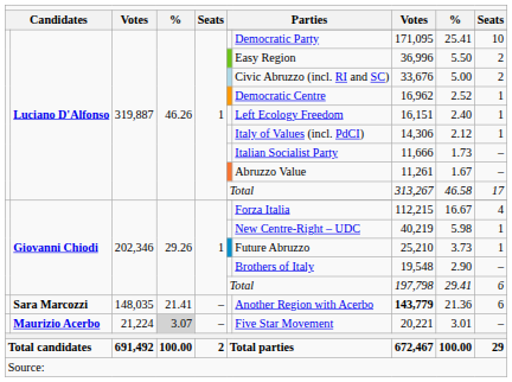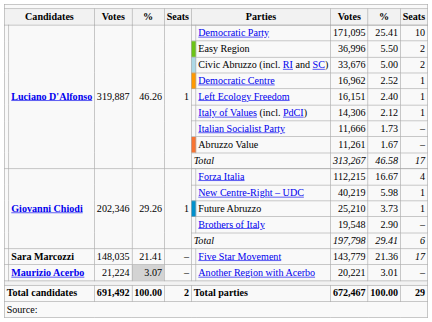 <table class="wikitable">
 <tr>
 <td colspan=10></td>
 </tr>
 <tr>
 <th colspan=2>Candidates</th>
 <th>Votes</th>
 <th>%</th>
 <th>Seats</th>
 <th colspan=2>Parties</th>
 <th>Votes</th>
 <th>%</th>
 <th>Seats</th>
 </tr>
 <tr>
 <td rowspan=10></td>
 <td rowspan=10><strong><a href='#'>Luciano D'Alfonso</a></strong></td>
 <td rowspan=10 align=right>319,887</td>
 <td rowspan=10 align=right>46.26</td>
 <td rowspan=10 align=right>1</td>
 </tr>
 <tr>
 <td></td>
 <td><a href='#'>Democratic Party</a></td>
 <td align=right>171,095</td>
 <td align=right>25.41</td>
 <td align=right>10</td>
 </tr>
 <tr>
 <td bgcolor="#6CC417"></td>
 <td>Easy Region</td>
 <td align=right>36,996</td>
 <td align=right>5.50</td>
 <td align=right>2</td>
 </tr>
 <tr>
 <td bgcolor="lightblue"></td>
 <td>Civic Abruzzo (incl. <a href='#'>RI</a> and <a href='#'>SC</a>)</td>
 <td align=right>33,676</td>
 <td align=right>5.00</td>
 <td align=right>2</td>
 </tr>
 <tr>
 <td bgcolor="#FF9900"></td>
 <td><a href='#'>Democratic Centre</a></td>
 <td align=right>16,962</td>
 <td align=right>2.52</td>
 <td align=right>1</td>
 </tr>
 <tr>
 <td></td>
 <td><a href='#'>Left Ecology Freedom</a></td>
 <td align=right>16,151</td>
 <td align=right>2.40</td>
 <td align=right>1</td>
 </tr>
 <tr>
 <td></td>
 <td><a href='#'>Italy of Values</a> (incl. <a href='#'>PdCI</a>)</td>
 <td align=right>14,306</td>
 <td align=right>2.12</td>
 <td align=right>1</td>
 </tr>
 <tr>
 <td></td>
 <td><a href='#'>Italian Socialist Party</a></td>
 <td align=right>11,666</td>
 <td align=right>1.73</td>
 <td align=right>–</td>
 </tr>
 <tr>
 <td bgcolor="#F87431"></td>
 <td>Abruzzo Value</td>
 <td align=right>11,261</td>
 <td align=right>1.67</td>
 <td align=right>–</td>
 </tr>
 <tr>
 <td colspan=2><em>Total</em></td>
 <td align=right><em>313,267</em></td>
 <td align=right><em>46.58</em></td>
 <td align=right><em>17</em></td>
 </tr>
 <tr>
 <td rowspan=6></td>
 <td rowspan=6><strong><a href='#'>Giovanni Chiodi</a></strong></td>
 <td rowspan=6 align=right>202,346</td>
 <td rowspan=6 align=right>29.26</td>
 <td rowspan=6 align=right>1</td>
 </tr>
 <tr>
 <td></td>
 <td><a href='#'>Forza Italia</a></td>
 <td align=right>112,215</td>
 <td align=right>16.67</td>
 <td align=right>4</td>
 </tr>
 <tr>
 <td></td>
 <td><a href='#'>New Centre-Right – UDC</a></td>
 <td align=right>40,219</td>
 <td align=right>5.98</td>
 <td align=right>1</td>
 </tr>
 <tr>
 <td bgcolor="#0090CC"></td>
 <td>Future Abruzzo</td>
 <td align=right>25,210</td>
 <td align=right>3.73</td>
 <td align=right>1</td>
 </tr>
 <tr>
 <td></td>
 <td><a href='#'>Brothers of Italy</a></td>
 <td align=right>19,548</td>
 <td align=right>2.90</td>
 <td align=right>–</td>
 </tr>
 <tr>
 <td colspan=2><em>Total</em></td>
 <td align=right><em>197,798</em></td>
 <td align=right><em>29.41</em></td>
 <td align=right><em>6</em></td>
 </tr>
 <tr>
 <td></td>
 <td><strong>Sara Marcozzi</strong></td>
 <td align=right>148,035</td>
 <td align=right>21.41</td>
 <td align=right>–</td>
 <td></td>
-<td><a href='#'>Another Region with Acerbo</a></td>
-<td align=right><strong>143,779</strong></td>
+<td><a href='#'>Five Star Movement</a></td>
+<td align=right>143,779</td>
 <td align=right>21.36</td>
-<td align=right>6</td>
+<td align=right><em>17</em></td>
 </tr>
 <tr>
 <td></td>
 <td><strong><a href='#'>Maurizio Acerbo</a></strong></td>
 <td align=right>21,224</td>
 <td align=right style="background: lightgrey;">3.07</td>
 <td align=right>–</td>
 <td></td>
-<td><a href='#'>Five Star Movement</a></td>
+<td><a href='#'>Another Region with Acerbo</a></td>
 <td align=right>20,221</td>
 <td align=right>3.01</td>
 <td align=right>–</td>
 </tr>
 <tr>
 <th colspan=10></th>
 </tr>
 <tr>
 <td colspan=2><strong>Total candidates</strong></td>
 <td align=right><strong>691,492</strong></td>
 <td align=right><strong>100.00</strong></td>
 <td align=right><strong>2</strong></td>
 <td colspan=2><strong>Total parties</strong></td>
 <td align=right><strong>672,467</strong></td>
 <td align=right><strong>100.00</strong></td>
 <td align=right><strong>29</strong></td>
 </tr>
 <tr>
 <td colspan=10>Source: </td>
 </tr>
 </table>
